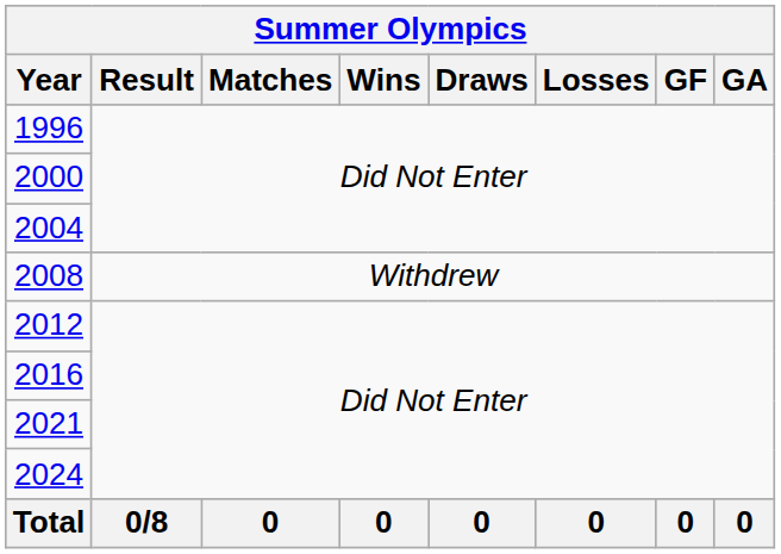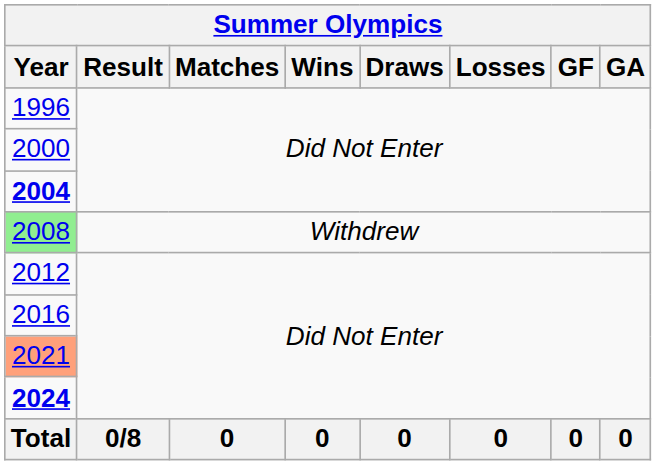 <table class="wikitable" style="text-align: center;">
 <tr>
 <th colspan=10><a href='#'>Summer Olympics</a></th>
 </tr>
 <tr>
 <th>Year</th>
 <th>Result</th>
 <th>Matches</th>
 <th>Wins</th>
 <th>Draws</th>
 <th>Losses</th>
 <th>GF</th>
 <th>GA</th>
 </tr>
 <tr>
 <td> <a href='#'>1996</a></td>
 <td rowspan=3 colspan=8><em>Did Not Enter</em></td>
 </tr>
 <tr>
 <td> <a href='#'>2000</a></td>
 </tr>
 <tr>
-<td> <a href='#'>2004</a></td>
+<td><strong> <a href='#'>2004</a></strong></td>
 </tr>
 <tr>
-<td> <a href='#'>2008</a></td>
+<td style="background: lightgreen;"> <a href='#'>2008</a></td>
 <td colspan=8><em>Withdrew</em></td>
 </tr>
 <tr>
 <td> <a href='#'>2012</a></td>
 <td rowspan=4 colspan=8><em>Did Not Enter</em></td>
 </tr>
 <tr>
 <td> <a href='#'>2016</a></td>
 </tr>
 <tr>
-<td> <a href='#'>2021</a></td>
+<td style="background: lightsalmon;"> <a href='#'>2021</a></td>
 </tr>
 <tr>
-<td> <a href='#'>2024</a></td>
+<td><strong> <a href='#'>2024</a></strong></td>
 </tr>
 <tr>
 <th>Total</th>
 <th>0/8</th>
 <th>0</th>
 <th>0</th>
 <th>0</th>
 <th>0</th>
 <th>0</th>
 <th>0</th>
 </tr>
 </table>
